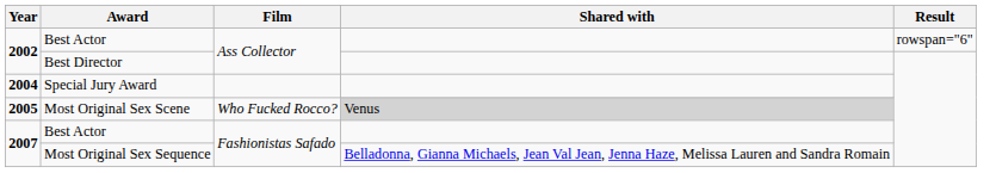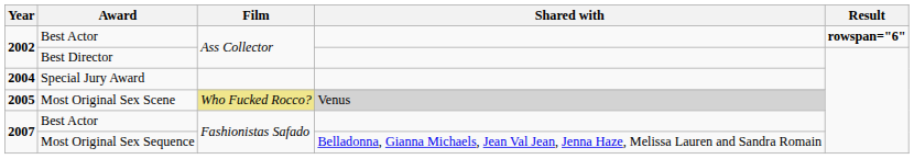 <table class="wikitable">
 <tr>
 <th>Year</th>
 <th>Award</th>
 <th>Film</th>
 <th>Shared with</th>
 <th>Result</th>
 </tr>
 <tr>
 <td rowspan="2"><strong>2002</strong></td>
 <td>Best Actor</td>
 <td rowspan="2"><em>Ass Collector</em></td>
 <td></td>
-<td>rowspan="6" </td>
+<td><strong>rowspan="6" </strong></td>
 </tr>
 <tr>
 <td>Best Director</td>
 <td></td>
 </tr>
 <tr>
 <td><strong>2004</strong></td>
 <td>Special Jury Award</td>
 <td></td>
 <td></td>
 </tr>
 <tr>
 <td><strong>2005</strong></td>
 <td>Most Original Sex Scene</td>
-<td><em>Who Fucked Rocco?</em></td>
+<td style="background: khaki;"><em>Who Fucked Rocco?</em></td>
 <td style="background: lightgrey;">Venus</td>
 </tr>
 <tr>
 <td rowspan="2"><strong>2007</strong></td>
 <td>Best Actor</td>
 <td rowspan="2"><em>Fashionistas Safado</em></td>
 <td></td>
 </tr>
 <tr>
 <td>Most Original Sex Sequence</td>
 <td><a href='#'>Belladonna</a>, <a href='#'>Gianna Michaels</a>, <a href='#'>Jean Val Jean</a>, <a href='#'>Jenna Haze</a>, Melissa Lauren and Sandra Romain</td>
 </tr>
 </table>
